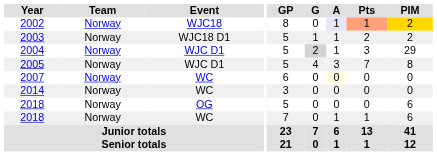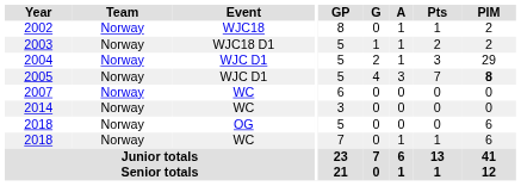 <table border="0" cellpadding="1" cellspacing="0" ID="Table3" style="text-align:center; width:40em">
 <tr ALIGN="center" bgcolor="#e0e0e0">
 <th>Year</th>
 <th>Team</th>
 <th>Event</th>
 <th rowspan="99" bgcolor="#ffffff"></th>
 <th>GP</th>
 <th>G</th>
 <th>A</th>
 <th>Pts</th>
 <th>PIM</th>
 </tr>
 <tr>
 <td><a href='#'>2002</a></td>
 <td><a href='#'>Norway</a></td>
 <td><a href='#'>WJC18</a></td>
 <td>8</td>
 <td>0</td>
-<td style="background: lavender;">1</td>
-<td style="background: lightsalmon;">1</td>
-<td style="background: gold;">2</td>
+<td>1</td>
+<td>1</td>
+<td>2</td>
 </tr>
 <tr bgcolor="#f0f0f0">
 <td><a href='#'>2003</a></td>
 <td>Norway</td>
 <td>WJC18 D1</td>
 <td>5</td>
 <td>1</td>
 <td>1</td>
 <td>2</td>
 <td>2</td>
 </tr>
 <tr>
 <td><a href='#'>2004</a></td>
 <td><a href='#'>Norway</a></td>
 <td><a href='#'>WJC D1</a></td>
 <td>5</td>
-<td style="background: lightgrey;">2</td>
+<td>2</td>
 <td>1</td>
 <td>3</td>
 <td>29</td>
 </tr>
 <tr bgcolor="#f0f0f0">
 <td><a href='#'>2005</a></td>
 <td>Norway</td>
 <td>WJC D1</td>
 <td>5</td>
 <td>4</td>
 <td>3</td>
 <td>7</td>
-<td>8</td>
+<td><strong>8</strong></td>
 </tr>
 <tr>
 <td><a href='#'>2007</a></td>
 <td><a href='#'>Norway</a></td>
 <td><a href='#'>WC</a></td>
 <td>6</td>
 <td>0</td>
-<td style="background: lightyellow;">0</td>
+<td>0</td>
 <td>0</td>
 <td>0</td>
 </tr>
 <tr bgcolor="#f0f0f0">
 <td><a href='#'>2014</a></td>
 <td>Norway</td>
 <td>WC</td>
 <td>3</td>
 <td>0</td>
 <td>0</td>
 <td>0</td>
 <td>0</td>
 </tr>
 <tr>
 <td><a href='#'>2018</a></td>
 <td>Norway</td>
 <td><a href='#'>OG</a></td>
 <td>5</td>
 <td>0</td>
 <td>0</td>
 <td>0</td>
 <td>6</td>
 </tr>
 <tr bgcolor="#f0f0f0">
 <td><a href='#'>2018</a></td>
 <td>Norway</td>
 <td>WC</td>
 <td>7</td>
 <td>0</td>
 <td>1</td>
 <td>1</td>
 <td>6</td>
 </tr>
 <tr bgcolor="#e0e0e0">
 <th colspan="3">Junior totals</th>
 <th>23</th>
 <th>7</th>
 <th>6</th>
 <th>13</th>
 <th>41</th>
 </tr>
 <tr bgcolor="#e0e0e0">
 <th colspan="3">Senior totals</th>
 <th>21</th>
 <th>0</th>
 <th>1</th>
 <th>1</th>
 <th>12</th>
 </tr>
 </table>
